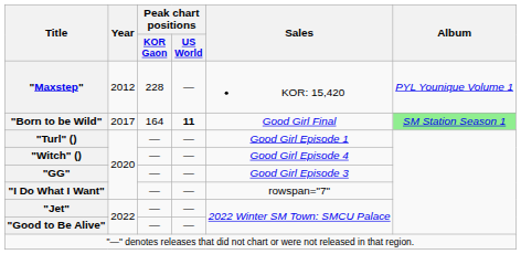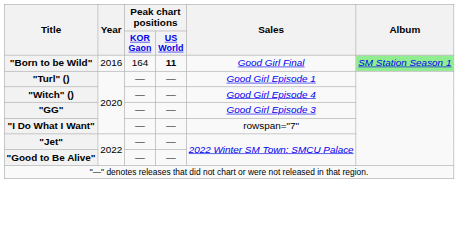 <table class="wikitable plainrowheaders" style="text-align:center">
 <tr>
 <th scope="col" rowspan="2">Title</th>
 <th scope="col" rowspan="2">Year</th>
 <th scope="col" colspan="2">Peak chart<br>positions</th>
 <th scope="col" rowspan="2">Sales</th>
 <th scope="col" rowspan="2">Album</th>
 </tr>
 <tr>
 <th scope="col" style="font-size:90%; width:3em"><a href='#'>KOR<br>Gaon</a><br></th>
 <th scope="col" style="font-size:90%; width:3em"><a href='#'>US<br>World</a><br></th>
 </tr>
 <tr>
-<th scope="row">"<a href='#'>Maxstep</a>"<br></th>
-<td>2012</td>
-<td>228</td>
-<td>—</td>
-<td><br><ul><li>KOR: 15,420</li></ul></td>
-<td><em><a href='#'>PYL Younique Volume 1</a></em></td>
-</tr>
-<tr>
 <th scope="row">"Born to be Wild"<br></th>
-<td>2017</td>
+<td>2016</td>
 <td>164</td>
 <td><strong>11</strong></td>
 <td><em><a href='#'>Good Girl Final</a></em></td>
 <td style="background: lightgreen;"><em><a href='#'>SM Station Season 1</a></em></td>
 </tr>
 <tr>
 <th scope="row">"Turl" ()<br></th>
 <td rowspan="4">2020</td>
 <td>—</td>
 <td>—</td>
 <td><em><a href='#'>Good Girl Episode 1</a></em></td>
 </tr>
 <tr>
 <th scope="row">"Witch" ()<br></th>
 <td>—</td>
 <td>—</td>
 <td><em><a href='#'>Good Girl Episode 4</a></em></td>
 </tr>
 <tr>
 <th scope="row">"GG"<br></th>
 <td>—</td>
 <td>—</td>
 <td><em><a href='#'>Good Girl Episode 3</a></em></td>
 </tr>
 <tr>
 <th scope="row">"I Do What I Want"<br></th>
 <td>—</td>
 <td>—</td>
 <td>rowspan="7" </td>
 </tr>
 <tr>
 <th scope="row">"Jet" <br></th>
 <td rowspan="2">2022</td>
 <td>—</td>
 <td>—</td>
 <td rowspan="2"><em><a href='#'>2022 Winter SM Town: SMCU Palace</a></em></td>
 </tr>
 <tr>
 <th scope="row">"Good to Be Alive" <br></th>
 <td>—</td>
 <td>—</td>
 </tr>
 <tr>
 <td colspan="6" style="font-size:85%">"—" denotes releases that did not chart or were not released in that region.</td>
 </tr>
 </table>
